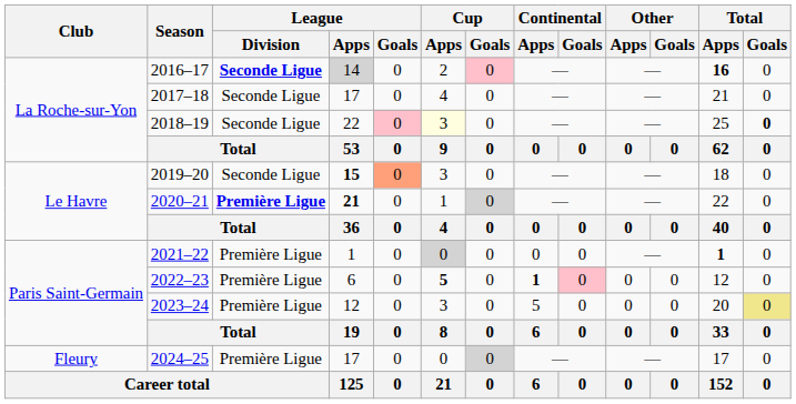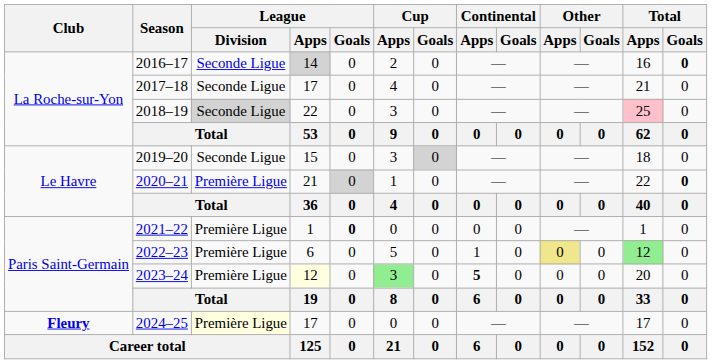 <table class="wikitable" style="text-align:center">
 <tr>
 <th rowspan="2">Club</th>
 <th rowspan="2">Season</th>
 <th colspan="3">League</th>
 <th colspan="2">Cup</th>
 <th colspan="2">Continental</th>
 <th colspan="2">Other</th>
 <th colspan="2">Total</th>
 </tr>
 <tr>
 <th>Division</th>
 <th>Apps</th>
 <th>Goals</th>
 <th>Apps</th>
 <th>Goals</th>
 <th>Apps</th>
 <th>Goals</th>
 <th>Apps</th>
 <th>Goals</th>
 <th>Apps</th>
 <th>Goals</th>
 </tr>
 <tr>
 <td rowspan="4"><a href='#'>La Roche-sur-Yon</a></td>
 <td>2016–17</td>
-<td><strong><a href='#'>Seconde Ligue</a></strong></td>
+<td><a href='#'>Seconde Ligue</a></td>
 <td style="background: lightgrey;">14</td>
 <td>0</td>
 <td>2</td>
-<td style="background: pink;">0</td>
+<td>0</td>
 <td colspan="2">—</td>
 <td colspan="2">—</td>
-<td><strong>16</strong></td>
-<td>0</td>
+<td>16</td>
+<td><strong>0</strong></td>
 </tr>
 <tr>
 <td>2017–18</td>
 <td>Seconde Ligue</td>
 <td>17</td>
 <td>0</td>
 <td>4</td>
 <td>0</td>
 <td colspan="2">—</td>
 <td colspan="2">—</td>
 <td>21</td>
 <td>0</td>
 </tr>
 <tr>
 <td>2018–19</td>
-<td>Seconde Ligue</td>
+<td style="background: lightgrey;">Seconde Ligue</td>
 <td>22</td>
-<td style="background: pink;">0</td>
-<td style="background: lightyellow;">3</td>
+<td>0</td>
+<td>3</td>
 <td>0</td>
 <td colspan="2">—</td>
 <td colspan="2">—</td>
-<td>25</td>
-<td><strong>0</strong></td>
+<td style="background: pink;">25</td>
+<td>0</td>
 </tr>
 <tr>
 <th colspan="2">Total</th>
 <th>53</th>
 <th>0</th>
 <th>9</th>
 <th>0</th>
 <th>0</th>
 <th>0</th>
 <th>0</th>
 <th>0</th>
 <th>62</th>
 <th>0</th>
 </tr>
 <tr>
 <td rowspan="3"><a href='#'>Le Havre</a></td>
 <td>2019–20</td>
 <td>Seconde Ligue</td>
-<td><strong>15</strong></td>
-<td style="background: lightsalmon;">0</td>
+<td>15</td>
+<td>0</td>
 <td>3</td>
-<td>0</td>
+<td style="background: lightgrey;">0</td>
 <td colspan="2">—</td>
 <td colspan="2">—</td>
 <td>18</td>
 <td>0</td>
 </tr>
 <tr>
 <td><a href='#'>2020–21</a></td>
-<td><strong><a href='#'>Première Ligue</a></strong></td>
-<td><strong>21</strong></td>
+<td><a href='#'>Première Ligue</a></td>
+<td>21</td>
+<td style="background: lightgrey;">0</td>
+<td>1</td>
 <td>0</td>
-<td>1</td>
-<td style="background: lightgrey;">0</td>
 <td colspan="2">—</td>
 <td colspan="2">—</td>
 <td>22</td>
-<td>0</td>
+<td><strong>0</strong></td>
 </tr>
 <tr>
 <th colspan="2">Total</th>
 <th>36</th>
 <th>0</th>
 <th>4</th>
 <th>0</th>
 <th>0</th>
 <th>0</th>
 <th>0</th>
 <th>0</th>
 <th>40</th>
 <th>0</th>
 </tr>
 <tr>
 <td rowspan="4"><a href='#'>Paris Saint-Germain</a></td>
 <td><a href='#'>2021–22</a></td>
 <td>Première Ligue</td>
 <td>1</td>
+<td><strong>0</strong></td>
 <td>0</td>
-<td style="background: lightgrey;">0</td>
 <td>0</td>
 <td>0</td>
 <td>0</td>
 <td colspan="2">—</td>
-<td><strong>1</strong></td>
+<td>1</td>
 <td>0</td>
 </tr>
 <tr>
 <td><a href='#'>2022–23</a></td>
 <td>Première Ligue</td>
 <td>6</td>
 <td>0</td>
-<td><strong>5</strong></td>
+<td>5</td>
 <td>0</td>
-<td><strong>1</strong></td>
-<td style="background: pink;">0</td>
+<td>1</td>
 <td>0</td>
+<td style="background: khaki;">0</td>
 <td>0</td>
-<td>12</td>
+<td style="background: lightgreen;">12</td>
 <td>0</td>
 </tr>
 <tr>
 <td><a href='#'>2023–24</a></td>
 <td>Première Ligue</td>
-<td>12</td>
+<td style="background: lightyellow;">12</td>
 <td>0</td>
-<td>3</td>
+<td style="background: lightgreen;">3</td>
 <td>0</td>
-<td>5</td>
+<td><strong>5</strong></td>
 <td>0</td>
 <td>0</td>
 <td>0</td>
 <td>20</td>
-<td style="background: khaki;">0</td>
+<td>0</td>
 </tr>
 <tr>
 <th colspan="2">Total</th>
 <th>19</th>
 <th>0</th>
 <th>8</th>
 <th>0</th>
 <th>6</th>
 <th>0</th>
 <th>0</th>
 <th>0</th>
 <th>33</th>
 <th>0</th>
 </tr>
 <tr>
-<td><a href='#'>Fleury</a></td>
+<td><strong><a href='#'>Fleury</a></strong></td>
 <td><a href='#'>2024–25</a></td>
-<td>Première Ligue</td>
+<td style="background: lightyellow;">Première Ligue</td>
 <td>17</td>
 <td>0</td>
 <td>0</td>
-<td style="background: lightgrey;">0</td>
+<td>0</td>
 <td colspan="2">—</td>
 <td colspan="2">—</td>
 <td>17</td>
 <td>0</td>
 </tr>
 <tr>
 <th colspan="3">Career total</th>
 <th>125</th>
 <th>0</th>
 <th>21</th>
 <th>0</th>
 <th>6</th>
 <th>0</th>
 <th>0</th>
 <th>0</th>
 <th>152</th>
 <th>0</th>
 </tr>
 </table>
